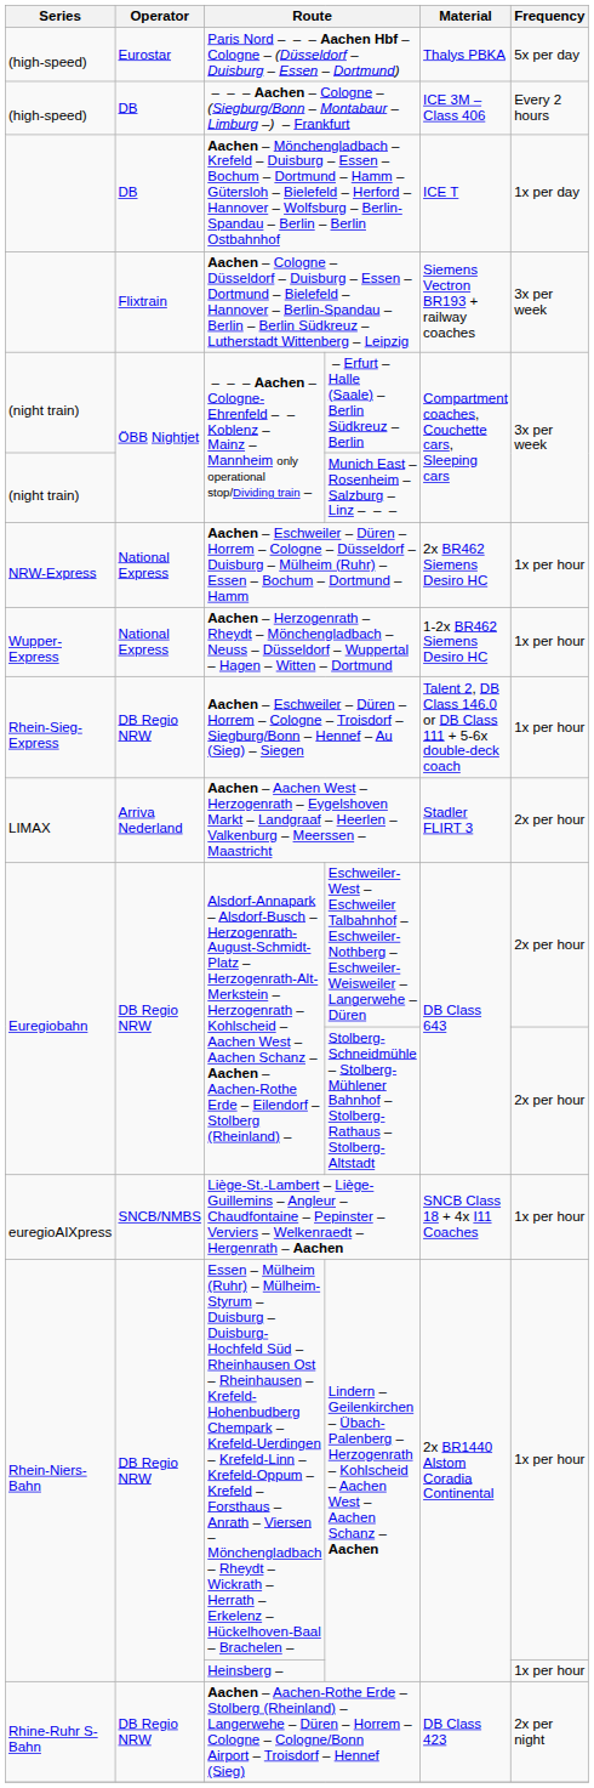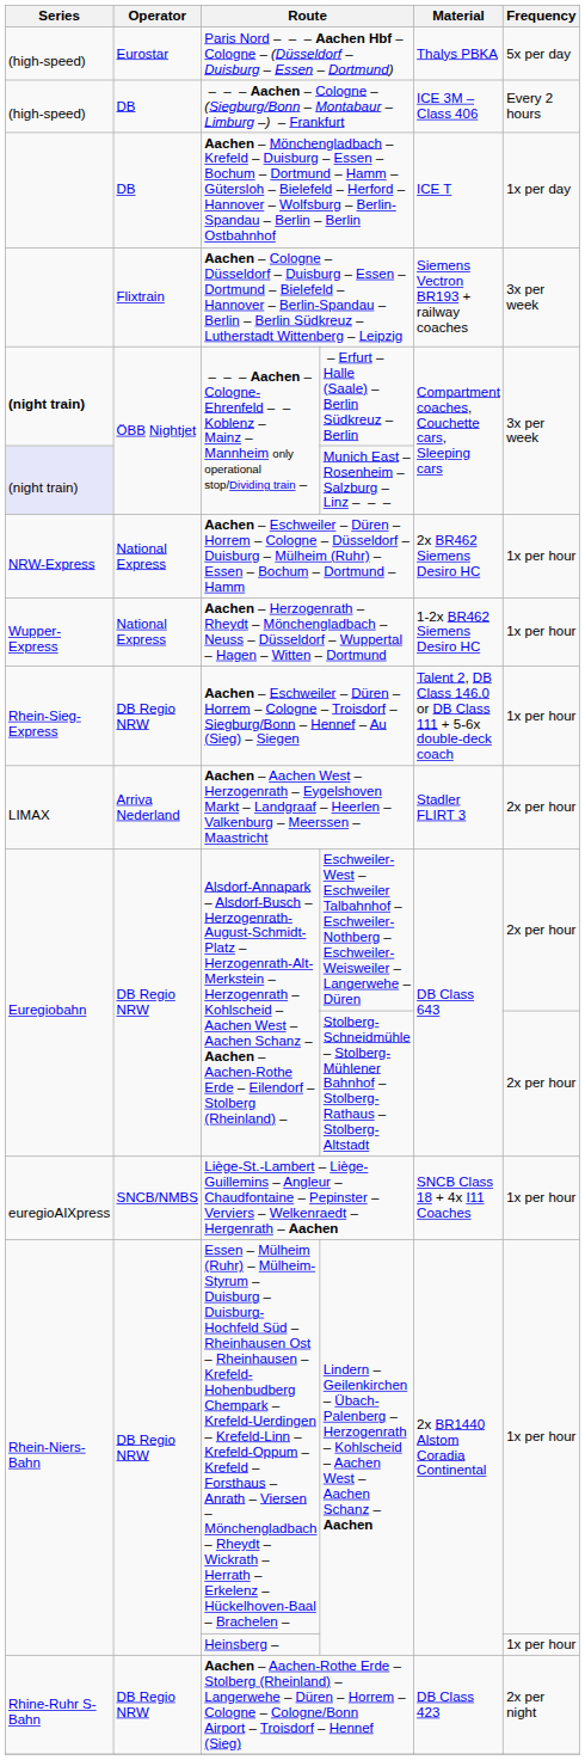 <table class="wikitable vatop">
 <tr>
 <th>Series</th>
 <th>Operator</th>
 <th colspan="2">Route</th>
 <th>Material</th>
 <th>Frequency</th>
 </tr>
 <tr>
 <td><br>(high-speed)</td>
 <td><a href='#'>Eurostar</a></td>
 <td colspan="2"><a href='#'>Paris Nord</a> –  –  – <strong>Aachen Hbf</strong> – <a href='#'>Cologne</a> – <em>(<a href='#'>Düsseldorf</a> – <a href='#'>Duisburg</a> – <a href='#'>Essen</a> – <a href='#'>Dortmund</a>)</em></td>
 <td><a href='#'>Thalys PBKA</a></td>
 <td>5x per day</td>
 </tr>
 <tr>
 <td><br>(high-speed)</td>
 <td><a href='#'>DB</a></td>
 <td colspan="2"> –  –  – <strong>Aachen</strong> – <a href='#'>Cologne</a> – <em>(<a href='#'>Siegburg/Bonn</a> – <a href='#'>Montabaur</a> – <a href='#'>Limburg</a> –)</em>  – <a href='#'>Frankfurt</a></td>
 <td><a href='#'>ICE 3M – Class 406</a></td>
 <td>Every 2 hours</td>
 </tr>
 <tr>
 <td></td>
 <td><a href='#'>DB</a></td>
 <td colspan="2"><strong>Aachen</strong> – <a href='#'>Mönchengladbach</a> – <a href='#'>Krefeld</a> – <a href='#'>Duisburg</a> – <a href='#'>Essen</a> – <a href='#'>Bochum</a> – <a href='#'>Dortmund</a> – <a href='#'>Hamm</a> – <a href='#'>Gütersloh</a> – <a href='#'>Bielefeld</a> – <a href='#'>Herford</a> – <a href='#'>Hannover</a> – <a href='#'>Wolfsburg</a> – <a href='#'>Berlin-Spandau</a> – <a href='#'>Berlin</a> – <a href='#'>Berlin Ostbahnhof</a></td>
 <td><a href='#'>ICE T</a></td>
 <td>1x per day</td>
 </tr>
 <tr>
 <td></td>
 <td><a href='#'>Flixtrain</a></td>
 <td colspan="2"><strong>Aachen</strong> – <a href='#'>Cologne</a> – <a href='#'>Düsseldorf</a> – <a href='#'>Duisburg</a> – <a href='#'>Essen</a> – <a href='#'>Dortmund</a> – <a href='#'>Bielefeld</a> – <a href='#'>Hannover</a> – <a href='#'>Berlin-Spandau</a> – <a href='#'>Berlin</a> – <a href='#'>Berlin Südkreuz</a> – <a href='#'>Lutherstadt Wittenberg</a> – <a href='#'>Leipzig</a></td>
 <td><a href='#'>Siemens Vectron BR193</a> + railway coaches</td>
 <td>3x per week</td>
 </tr>
 <tr>
-<td><br>(night train)</td>
+<td><strong><br>(night train)</strong></td>
 <td rowspan="2"><a href='#'>ÖBB</a> <a href='#'>Nightjet</a></td>
 <td rowspan="2"> –  –  – <strong>Aachen</strong> – <a href='#'>Cologne-Ehrenfeld</a> –  – <a href='#'>Koblenz</a> – <a href='#'>Mainz</a> – <a href='#'>Mannheim</a> <small>only operational stop/<a href='#'>Dividing train</a></small> –</td>
 <td> – <a href='#'>Erfurt</a> – <a href='#'>Halle (Saale)</a> – <a href='#'>Berlin Südkreuz</a> – <a href='#'>Berlin</a></td>
 <td rowspan="2"><a href='#'>Compartment coaches</a>, <a href='#'>Couchette cars</a>, <a href='#'>Sleeping cars</a></td>
 <td rowspan="2">3x per week</td>
 </tr>
 <tr>
-<td><br>(night train)</td>
+<td style="background: lavender;"><br>(night train)</td>
 <td><a href='#'>Munich East</a> – <a href='#'>Rosenheim</a> – <a href='#'>Salzburg</a> – <a href='#'>Linz</a> –  –  – </td>
 </tr>
 <tr>
 <td><br><a href='#'>NRW-Express</a></td>
 <td><a href='#'>National Express</a></td>
 <td colspan="2"><strong>Aachen</strong> – <a href='#'>Eschweiler</a> – <a href='#'>Düren</a> – <a href='#'>Horrem</a> – <a href='#'>Cologne</a> – <a href='#'>Düsseldorf</a> – <a href='#'>Duisburg</a> – <a href='#'>Mülheim (Ruhr)</a> – <a href='#'>Essen</a> – <a href='#'>Bochum</a> – <a href='#'>Dortmund</a> – <a href='#'>Hamm</a></td>
 <td>2x <a href='#'>BR462 Siemens Desiro HC</a></td>
 <td>1x per hour</td>
 </tr>
 <tr>
 <td><br><a href='#'>Wupper-Express</a></td>
 <td><a href='#'>National Express</a></td>
 <td colspan="2"><strong>Aachen</strong> – <a href='#'>Herzogenrath</a> – <a href='#'>Rheydt</a> – <a href='#'>Mönchengladbach</a> – <a href='#'>Neuss</a> – <a href='#'>Düsseldorf</a> – <a href='#'>Wuppertal</a> – <a href='#'>Hagen</a> – <a href='#'>Witten</a> – <a href='#'>Dortmund</a></td>
 <td>1-2x <a href='#'>BR462 Siemens Desiro HC</a></td>
 <td>1x per hour</td>
 </tr>
 <tr>
 <td><br><a href='#'>Rhein-Sieg-Express</a></td>
 <td><a href='#'>DB Regio NRW</a></td>
 <td colspan="2"><strong>Aachen</strong> – <a href='#'>Eschweiler</a> – <a href='#'>Düren</a> – <a href='#'>Horrem</a> – <a href='#'>Cologne</a> – <a href='#'>Troisdorf</a> – <a href='#'>Siegburg/Bonn</a> – <a href='#'>Hennef</a> – <a href='#'>Au (Sieg)</a> – <a href='#'>Siegen</a></td>
 <td><a href='#'>Talent 2</a>, <a href='#'>DB Class 146.0</a> or <a href='#'>DB Class 111</a> + 5-6x <a href='#'>double-deck coach</a></td>
 <td>1x per hour</td>
 </tr>
 <tr>
 <td><br>LIMAX</td>
 <td><a href='#'>Arriva Nederland</a></td>
 <td colspan="2"><strong>Aachen</strong> – <a href='#'>Aachen West</a> – <a href='#'>Herzogenrath</a> – <a href='#'>Eygelshoven Markt</a> – <a href='#'>Landgraaf</a> – <a href='#'>Heerlen</a> – <a href='#'>Valkenburg</a> – <a href='#'>Meerssen</a> – <a href='#'>Maastricht</a></td>
 <td><a href='#'>Stadler FLIRT 3</a></td>
 <td>2x per hour</td>
 </tr>
 <tr>
 <td rowspan="2"><br><a href='#'>Euregiobahn</a></td>
 <td rowspan="2"><a href='#'>DB Regio NRW</a></td>
 <td rowspan="2"><a href='#'>Alsdorf-Annapark</a> – <a href='#'>Alsdorf-Busch</a> – <a href='#'>Herzogenrath-August-Schmidt-Platz</a> – <a href='#'>Herzogenrath-Alt-Merkstein</a> – <a href='#'>Herzogenrath</a> – <a href='#'>Kohlscheid</a> – <a href='#'>Aachen West</a> – <a href='#'>Aachen Schanz</a> – <strong>Aachen</strong> – <a href='#'>Aachen-Rothe Erde</a> – <a href='#'>Eilendorf</a> – <a href='#'>Stolberg (Rheinland)</a> –</td>
 <td><a href='#'>Eschweiler-West</a> – <a href='#'>Eschweiler Talbahnhof</a> – <a href='#'>Eschweiler-Nothberg</a> – <a href='#'>Eschweiler-Weisweiler</a> – <a href='#'>Langerwehe</a> – <a href='#'>Düren</a></td>
 <td rowspan="2"><a href='#'>DB Class 643</a></td>
 <td>2x per hour</td>
 </tr>
 <tr>
 <td><a href='#'>Stolberg-Schneidmühle</a> – <a href='#'>Stolberg-Mühlener Bahnhof</a> – <a href='#'>Stolberg-Rathaus</a> – <a href='#'>Stolberg-Altstadt</a></td>
 <td>2x per hour</td>
 </tr>
 <tr>
 <td><br><br>euregioAIXpress</td>
 <td><a href='#'>SNCB/NMBS</a></td>
 <td colspan="2"><a href='#'>Liège-St.-Lambert</a> – <a href='#'>Liège-Guillemins</a> – <a href='#'>Angleur</a> – <a href='#'>Chaudfontaine</a> – <a href='#'>Pepinster</a> – <a href='#'>Verviers</a>  – <a href='#'>Welkenraedt</a> – <a href='#'>Hergenrath</a> – <strong>Aachen</strong></td>
 <td><a href='#'>SNCB Class 18</a> + 4x <a href='#'>I11 Coaches</a></td>
 <td>1x per hour</td>
 </tr>
 <tr>
 <td rowspan="2"> <br><a href='#'>Rhein-Niers-Bahn</a></td>
 <td rowspan="2"><a href='#'>DB Regio NRW</a></td>
 <td><a href='#'>Essen</a> – <a href='#'>Mülheim (Ruhr)</a> – <a href='#'>Mülheim-Styrum</a> – <a href='#'>Duisburg</a> – <a href='#'>Duisburg-Hochfeld Süd</a> – <a href='#'>Rheinhausen Ost</a> – <a href='#'>Rheinhausen</a> – <a href='#'>Krefeld-Hohenbudberg Chempark</a> – <a href='#'>Krefeld-Uerdingen</a> – <a href='#'>Krefeld-Linn</a> – <a href='#'>Krefeld-Oppum</a> – <a href='#'>Krefeld</a> – <a href='#'>Forsthaus</a> – <a href='#'>Anrath</a> – <a href='#'>Viersen</a> – <a href='#'>Mönchengladbach</a> – <a href='#'>Rheydt</a> – <a href='#'>Wickrath</a> – <a href='#'>Herrath</a> – <a href='#'>Erkelenz</a> – <a href='#'>Hückelhoven-Baal</a> – <a href='#'>Brachelen</a> –</td>
 <td rowspan="2"><a href='#'>Lindern</a> – <a href='#'>Geilenkirchen</a> – <a href='#'>Übach-Palenberg</a> – <a href='#'>Herzogenrath</a> – <a href='#'>Kohlscheid</a> – <a href='#'>Aachen West</a> – <a href='#'>Aachen Schanz</a> – <strong>Aachen</strong></td>
 <td rowspan="2">2x <a href='#'>BR1440 Alstom Coradia Continental</a></td>
 <td>1x per hour</td>
 </tr>
 <tr>
 <td><a href='#'>Heinsberg</a> –</td>
 <td>1x per hour</td>
 </tr>
 <tr>
 <td><br><a href='#'>Rhine-Ruhr S-Bahn</a></td>
 <td><a href='#'>DB Regio NRW</a></td>
 <td colspan="2"><strong>Aachen</strong> – <a href='#'> Aachen-Rothe Erde</a> – <a href='#'>Stolberg (Rheinland)</a> – <a href='#'>Langerwehe</a> – <a href='#'>Düren</a> – <a href='#'>Horrem</a> – <a href='#'>Cologne</a> – <a href='#'>Cologne/Bonn Airport</a> – <a href='#'>Troisdorf</a> – <a href='#'>Hennef (Sieg)</a></td>
 <td><a href='#'>DB Class 423</a></td>
 <td>2x per night</td>
 </tr>
 <tr>
 </tr>
 </table>
